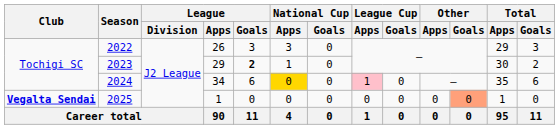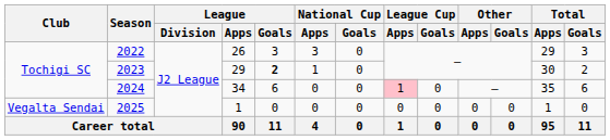 <table class="wikitable" style="text-align: center">
 <tr>
 <th rowspan="2">Club</th>
 <th rowspan="2">Season</th>
 <th colspan="3">League</th>
 <th colspan="2">National Cup</th>
 <th colspan="2">League Cup</th>
 <th colspan="2">Other</th>
 <th colspan="2">Total</th>
 </tr>
 <tr>
 <th>Division</th>
 <th>Apps</th>
 <th>Goals</th>
 <th>Apps</th>
 <th>Goals</th>
 <th>Apps</th>
 <th>Goals</th>
 <th>Apps</th>
 <th>Goals</th>
 <th>Apps</th>
 <th>Goals</th>
 </tr>
 <tr>
 <td rowspan="3"><a href='#'>Tochigi SC</a></td>
 <td><a href='#'>2022</a></td>
 <td rowspan="4"><a href='#'>J2 League</a></td>
 <td>26</td>
 <td>3</td>
 <td>3</td>
 <td>0</td>
 <td rowspan="2" colspan="4">–</td>
 <td>29</td>
 <td>3</td>
 </tr>
 <tr>
 <td><a href='#'>2023</a></td>
 <td>29</td>
 <td><strong>2</strong></td>
 <td>1</td>
 <td>0</td>
 <td>30</td>
 <td>2</td>
 </tr>
 <tr>
 <td><a href='#'>2024</a></td>
 <td>34</td>
 <td>6</td>
-<td style="background: gold;">0</td>
+<td>0</td>
 <td>0</td>
 <td style="background: pink;">1</td>
 <td>0</td>
 <td colspan="2">–</td>
 <td>35</td>
 <td>6</td>
 </tr>
 <tr>
-<td><strong><a href='#'>Vegalta Sendai</a></strong></td>
+<td><a href='#'>Vegalta Sendai</a></td>
 <td><a href='#'>2025</a></td>
 <td>1</td>
 <td>0</td>
 <td>0</td>
 <td>0</td>
 <td>0</td>
 <td>0</td>
 <td>0</td>
-<td style="background: lightsalmon;">0</td>
+<td>0</td>
 <td>1</td>
 <td>0</td>
 </tr>
 <tr>
 <th colspan=3>Career total</th>
 <th>90</th>
 <th>11</th>
 <th>4</th>
 <th>0</th>
 <th>1</th>
 <th>0</th>
 <th>0</th>
 <th>0</th>
 <th>95</th>
 <th>11</th>
 </tr>
 </table>
